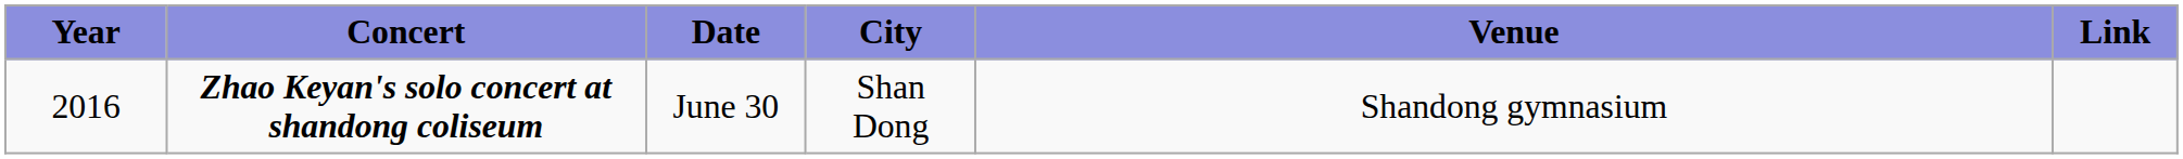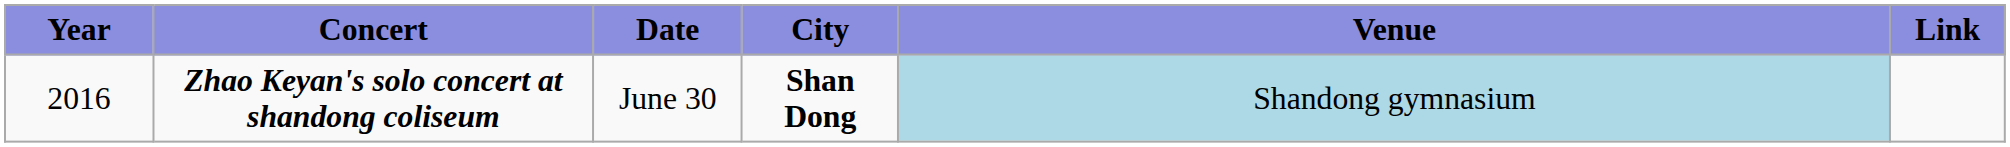 <table class="wikitable sortable mw-collapsible" width="80%" style="text-align:center">
 <tr align="center" style="background:#8B8EDE">
 <td style="width:2%"><strong>Year</strong></td>
 <td style="width:8%"><strong>Concert</strong></td>
 <td style="width:2%"><strong>Date</strong></td>
 <td style="width:2%"><strong>City</strong></td>
 <td style="width:18%"><strong>Venue</strong></td>
 <td style="width:1%"><strong>Link</strong></td>
 </tr>
 <tr>
 <td rowspan="2">2016</td>
 <td rowspan="2"><strong><em>Zhao Keyan's solo concert at shandong coliseum</em></strong></td>
 <td>June 30</td>
-<td>Shan Dong</td>
-<td>Shandong gymnasium</td>
+<td><strong>Shan Dong</strong></td>
+<td style="background: lightblue;">Shandong gymnasium</td>
 <td></td>
 </tr>
 </table>
